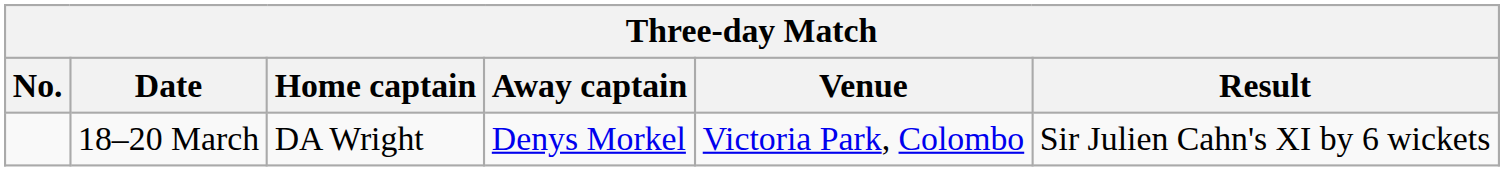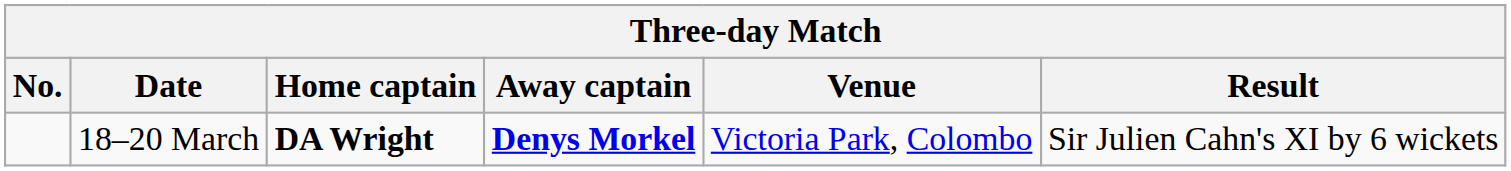 <table class="wikitable">
 <tr>
 <th colspan="9">Three-day Match</th>
 </tr>
 <tr>
 <th>No.</th>
 <th>Date</th>
 <th>Home captain</th>
 <th>Away captain</th>
 <th>Venue</th>
 <th>Result</th>
 </tr>
 <tr>
 <td></td>
 <td>18–20 March</td>
-<td>DA Wright</td>
-<td><a href='#'>Denys Morkel</a></td>
+<td><strong>DA Wright</strong></td>
+<td><strong><a href='#'>Denys Morkel</a></strong></td>
 <td><a href='#'>Victoria Park</a>, <a href='#'>Colombo</a></td>
 <td>Sir Julien Cahn's XI by 6 wickets</td>
 </tr>
 </table>
